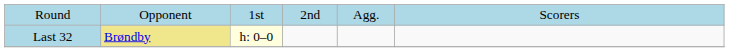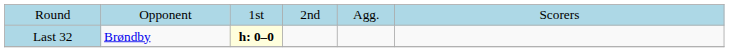 <table class="wikitable" style="text-align:center">
 <tr bgcolor=lightblue>
 <td width=150px>Round</td>
 <td width=200px>Opponent</td>
 <td width=80px>1st</td>
 <td width=80px>2nd</td>
 <td width=80px>Agg.</td>
 <td width=600px>Scorers</td>
 </tr>
 <tr>
 <td bgcolor=lightblue>Last 32</td>
-<td align=left style="background: khaki;"> <a href='#'>Brøndby</a></td>
-<td bgcolor=#ffffdd>h: 0–0</td>
+<td align=left> <a href='#'>Brøndby</a></td>
+<td bgcolor=#ffffdd><strong>h: 0–0</strong></td>
 <td></td>
 <td></td>
 <td align=left></td>
 </tr>
 <tr>
 </tr>
 </table>
